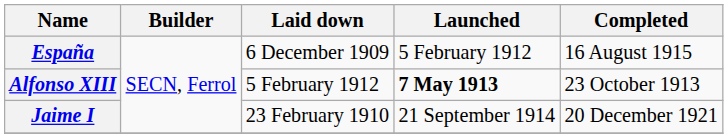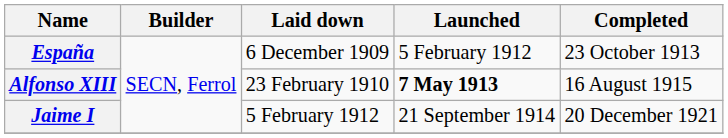 <table class="wikitable plainrowheaders unsortable">
 <tr>
 <th scope="col">Name</th>
 <th scope="col">Builder</th>
 <th scope="col">Laid down</th>
 <th scope="col">Launched</th>
 <th scope="col">Completed</th>
 </tr>
 <tr>
 <th scope="row"><a href='#'><em>España</em></a></th>
 <td rowspan=3><a href='#'>SECN</a>, <a href='#'>Ferrol</a></td>
 <td>6 December 1909</td>
 <td>5 February 1912</td>
+<td>23 October 1913</td>
+</tr>
+<tr>
+<th scope="row"><a href='#'><em>Alfonso XIII</em></a></th>
+<td>23 February 1910</td>
+<td><strong>7 May 1913</strong></td>
 <td>16 August 1915</td>
 </tr>
 <tr>
-<th scope="row"><a href='#'><em>Alfonso XIII</em></a></th>
+<th scope="row"><a href='#'><em>Jaime I</em></a></th>
 <td>5 February 1912</td>
-<td><strong>7 May 1913</strong></td>
-<td>23 October 1913</td>
-</tr>
-<tr>
-<th scope="row"><a href='#'><em>Jaime I</em></a></th>
-<td>23 February 1910</td>
 <td>21 September 1914</td>
 <td>20 December 1921</td>
 </tr>
 <tr>
 </tr>
 </table>
